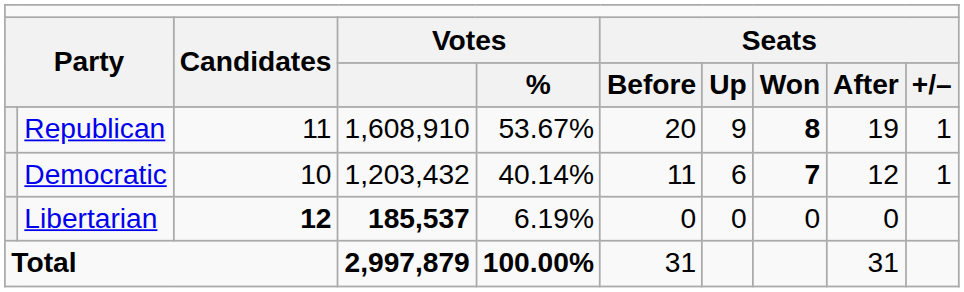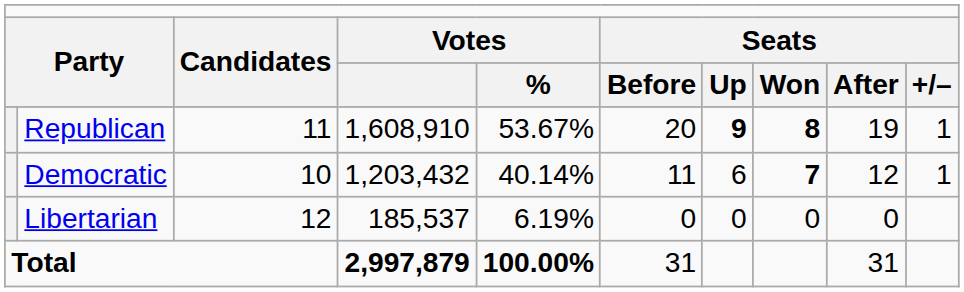 <table class="wikitable">
 <tr>
 <td colspan="15" align="center"></td>
 </tr>
 <tr>
 <th colspan="2" rowspan="2">Party</th>
 <th rowspan="2">Candidates</th>
 <th colspan="2">Votes</th>
 <th colspan="5">Seats</th>
 </tr>
 <tr>
 <th></th>
 <th>%</th>
 <th>Before</th>
 <th>Up</th>
 <th>Won</th>
 <th>After</th>
 <th>+/–</th>
 </tr>
 <tr>
 <th style="background-color:"></th>
 <td><a href='#'>Republican</a></td>
 <td align="right">11</td>
 <td align="right">1,608,910</td>
 <td align="right">53.67%</td>
 <td align="right">20</td>
-<td align="right">9</td>
+<td align="right"><strong>9</strong></td>
 <td align="right"><strong>8</strong></td>
 <td align="right">19</td>
 <td align="right">1</td>
 </tr>
 <tr>
 <th style="background-color:"></th>
 <td><a href='#'>Democratic</a></td>
 <td align="right">10</td>
 <td align="right">1,203,432</td>
 <td align="right">40.14%</td>
 <td align="right">11</td>
 <td align="right">6</td>
 <td align="right"><strong>7</strong></td>
 <td align="right">12</td>
 <td align="right">1</td>
 </tr>
 <tr>
 <th style="background-color:"></th>
 <td><a href='#'>Libertarian</a></td>
-<td align="right"><strong>12</strong></td>
-<td align="right"><strong>185,537</strong></td>
+<td align="right">12</td>
+<td align="right">185,537</td>
 <td align="right">6.19%</td>
 <td align="right">0</td>
 <td align="right">0</td>
 <td align="right">0</td>
 <td align="right">0</td>
 <td align="right"></td>
 </tr>
 <tr>
 <td colspan="3" align="left"><strong>Total</strong></td>
 <td align="right"><strong>2,997,879</strong></td>
 <td align="right"><strong>100.00%</strong></td>
 <td align="right">31</td>
 <td align="right"></td>
 <td align="right"></td>
 <td align="right">31</td>
 <td align="right"></td>
 </tr>
 </table>
